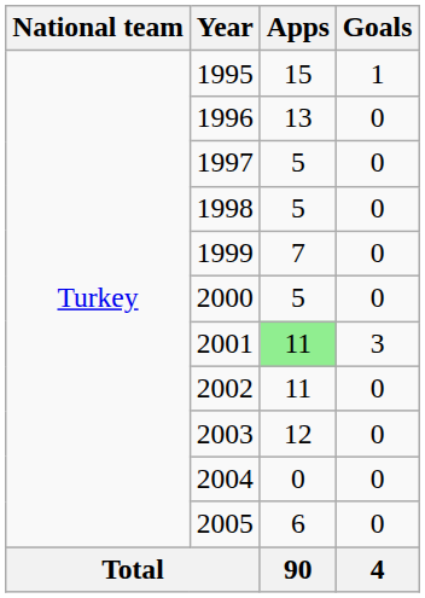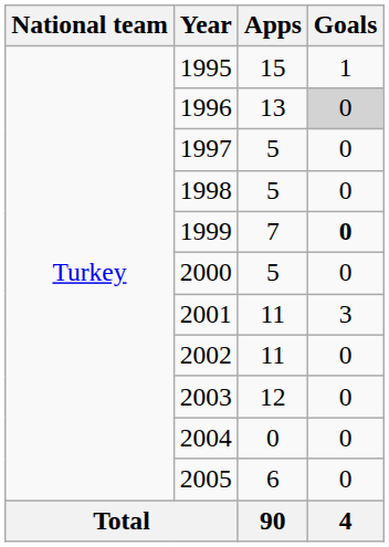 <table class="wikitable" style="text-align:center">
 <tr>
 <th>National team</th>
 <th>Year</th>
 <th>Apps</th>
 <th>Goals</th>
 </tr>
 <tr>
 <td rowspan="11"><a href='#'>Turkey</a></td>
 <td>1995</td>
 <td>15</td>
 <td>1</td>
 </tr>
 <tr>
 <td>1996</td>
 <td>13</td>
-<td>0</td>
+<td style="background: lightgrey;">0</td>
 </tr>
 <tr>
 <td>1997</td>
 <td>5</td>
 <td>0</td>
 </tr>
 <tr>
 <td>1998</td>
 <td>5</td>
 <td>0</td>
 </tr>
 <tr>
 <td>1999</td>
 <td>7</td>
-<td>0</td>
+<td><strong>0</strong></td>
 </tr>
 <tr>
 <td>2000</td>
 <td>5</td>
 <td>0</td>
 </tr>
 <tr>
 <td>2001</td>
-<td style="background: lightgreen;">11</td>
+<td>11</td>
 <td>3</td>
 </tr>
 <tr>
 <td>2002</td>
 <td>11</td>
 <td>0</td>
 </tr>
 <tr>
 <td>2003</td>
 <td>12</td>
 <td>0</td>
 </tr>
 <tr>
 <td>2004</td>
 <td>0</td>
 <td>0</td>
 </tr>
 <tr>
 <td>2005</td>
 <td>6</td>
 <td>0</td>
 </tr>
 <tr>
 <th colspan="2">Total</th>
 <th>90</th>
 <th>4</th>
 </tr>
 </table>
